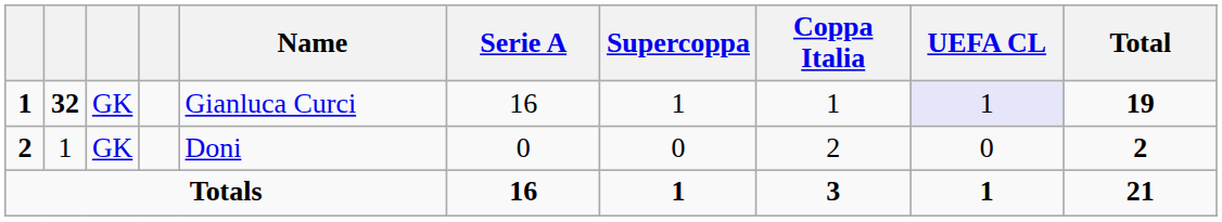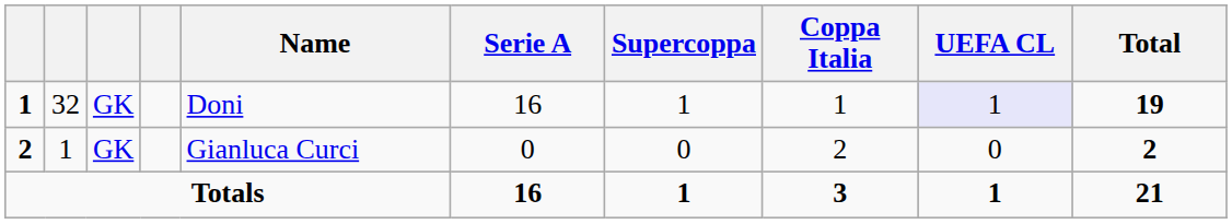 <table class="wikitable" style="text-align:center">
 <tr>
 <th width=15></th>
 <th width=15></th>
 <th width=15></th>
 <th width=15></th>
 <th width=145>Name</th>
 <th width=80><strong><a href='#'>Serie A</a></strong></th>
 <th width=80><strong><a href='#'>Supercoppa</a></strong></th>
 <th width=80><strong><a href='#'>Coppa Italia</a></strong></th>
 <th width=80><strong><a href='#'>UEFA CL</a></strong></th>
 <th width=80>Total</th>
 </tr>
 <tr>
 <td><strong>1</strong></td>
-<td><strong>32</strong></td>
+<td>32</td>
 <td><a href='#'>GK</a></td>
 <td></td>
-<td align=left><a href='#'>Gianluca Curci</a></td>
+<td align=left><a href='#'>Doni</a></td>
 <td>16</td>
 <td>1</td>
 <td>1</td>
 <td style="background: lavender;">1</td>
 <td><strong>19</strong></td>
 </tr>
 <tr>
 <td><strong>2</strong></td>
 <td>1</td>
 <td><a href='#'>GK</a></td>
 <td></td>
-<td align=left><a href='#'>Doni</a></td>
+<td align=left><a href='#'>Gianluca Curci</a></td>
 <td>0</td>
 <td>0</td>
 <td>2</td>
 <td>0</td>
 <td><strong>2</strong></td>
 </tr>
 <tr>
 <td colspan=5><strong>Totals</strong></td>
 <td><strong>16</strong></td>
 <td><strong>1</strong></td>
 <td><strong>3</strong></td>
 <td><strong>1</strong></td>
 <td><strong>21</strong></td>
 </tr>
 </table>
